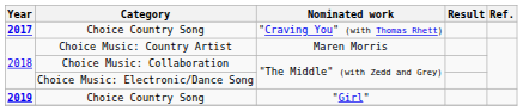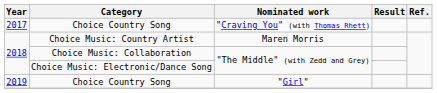 <table class="wikitable" style="text-align:center;">
 <tr>
 <th>Year</th>
 <th>Category</th>
 <th>Nominated work</th>
 <th>Result</th>
 <th>Ref.</th>
 </tr>
 <tr>
-<td><strong><a href='#'>2017</a></strong></td>
+<td><a href='#'>2017</a></td>
 <td>Choice Country Song</td>
 <td>"<a href='#'>Craving You</a>" <small>(with <a href='#'>Thomas Rhett</a>)</small></td>
 <td></td>
 <td></td>
 </tr>
 <tr>
 <td rowspan="3"><a href='#'>2018</a></td>
 <td>Choice Music: Country Artist</td>
 <td>Maren Morris</td>
 <td></td>
 <td rowspan="3"></td>
 </tr>
 <tr>
 <td>Choice Music: Collaboration</td>
 <td rowspan="2">"The Middle" <small>(with Zedd and Grey)</small></td>
 <td></td>
 </tr>
 <tr>
 <td>Choice Music: Electronic/Dance Song</td>
 <td></td>
 </tr>
 <tr>
-<td><strong><a href='#'>2019</a></strong></td>
+<td><a href='#'>2019</a></td>
 <td>Choice Country Song</td>
 <td>"<a href='#'>Girl</a>"</td>
 <td></td>
 <td></td>
 </tr>
 <tr>
 </tr>
 </table>
